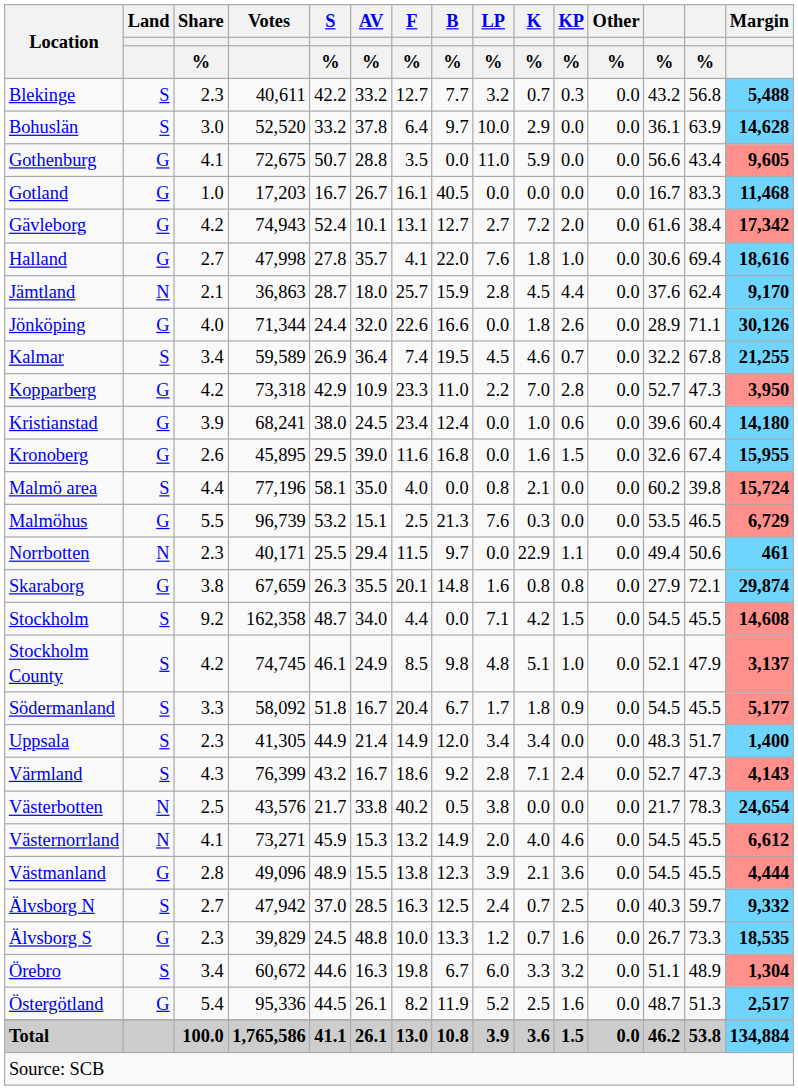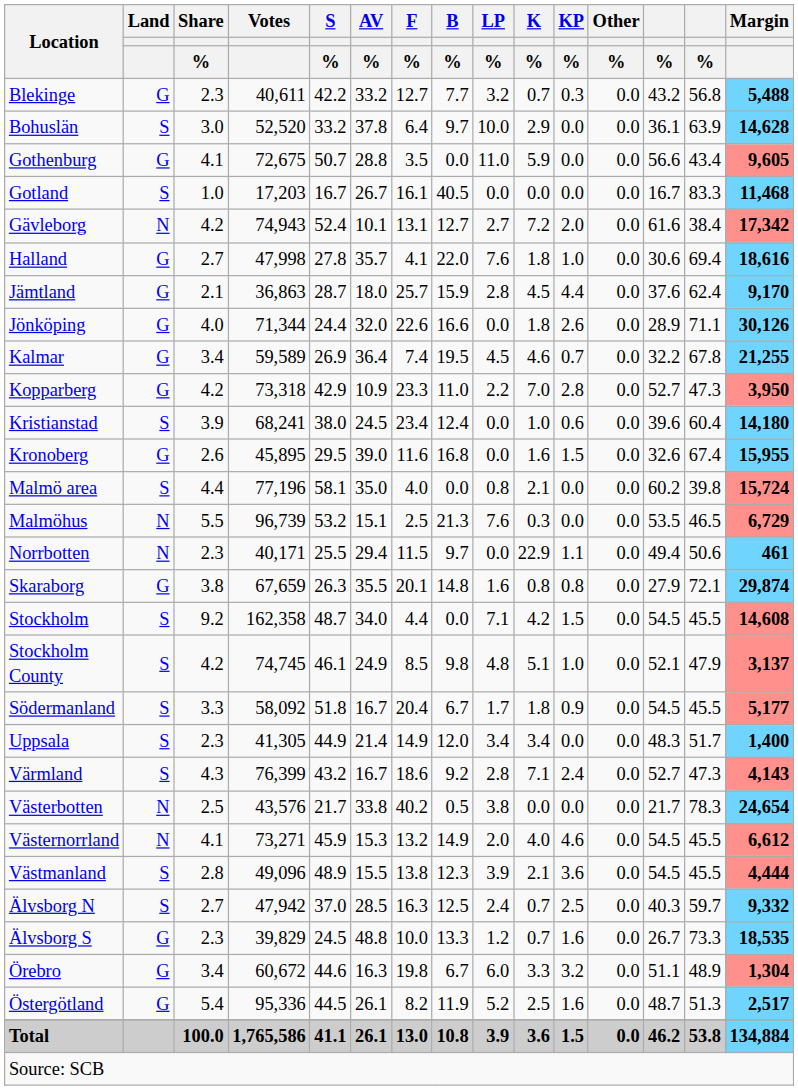 <table class="wikitable sortable" style="text-align:right; font-size:95%; line-height:20px;">
 <tr>
 <th rowspan="3">Location</th>
 <th>Land</th>
 <th>Share</th>
 <th>Votes</th>
 <th width="30px" class="unsortable"><a href='#'>S</a></th>
 <th width="30px" class="unsortable"><a href='#'>AV</a></th>
 <th width="30px" class="unsortable"><a href='#'>F</a></th>
 <th width="30px" class="unsortable"><a href='#'>B</a></th>
 <th width="30px" class="unsortable"><a href='#'>LP</a></th>
 <th width="30px" class="unsortable"><a href='#'>K</a></th>
 <th width="30px" class="unsortable"><a href='#'>KP</a></th>
 <th width="30px" class="unsortable">Other</th>
 <th></th>
 <th></th>
 <th>Margin</th>
 </tr>
 <tr>
 <th></th>
 <th></th>
 <th></th>
 <th style="background:"></th>
 <th style="background:"></th>
 <th style="background:"></th>
 <th style="background:"></th>
 <th style="background:"></th>
 <th style="background:"></th>
 <th style="background:"></th>
 <th style="background:"></th>
 <th style="background:"></th>
 <th style="background:"></th>
 <th></th>
 </tr>
 <tr>
 <th></th>
 <th data-sort-type="number">%</th>
 <th></th>
 <th data-sort-type="number">%</th>
 <th data-sort-type="number">%</th>
 <th data-sort-type="number">%</th>
 <th data-sort-type="number">%</th>
 <th data-sort-type="number">%</th>
 <th data-sort-type="number">%</th>
 <th data-sort-type="number">%</th>
 <th data-sort-type="number">%</th>
 <th data-sort-type="number">%</th>
 <th data-sort-type="number">%</th>
 <th></th>
 </tr>
 <tr>
 <td align=left><a href='#'>Blekinge</a></td>
-<td><a href='#'>S</a></td>
+<td><a href='#'>G</a></td>
 <td>2.3</td>
 <td>40,611</td>
 <td>42.2</td>
 <td>33.2</td>
 <td>12.7</td>
 <td>7.7</td>
 <td>3.2</td>
 <td>0.7</td>
 <td>0.3</td>
 <td>0.0</td>
 <td>43.2</td>
 <td>56.8</td>
 <td bgcolor=#6fd5fe><strong>5,488</strong></td>
 </tr>
 <tr>
 <td align=left><a href='#'>Bohuslän</a></td>
 <td><a href='#'>S</a></td>
 <td>3.0</td>
 <td>52,520</td>
 <td>33.2</td>
 <td>37.8</td>
 <td>6.4</td>
 <td>9.7</td>
 <td>10.0</td>
 <td>2.9</td>
 <td>0.0</td>
 <td>0.0</td>
 <td>36.1</td>
 <td>63.9</td>
 <td bgcolor=#6fd5fe><strong>14,628</strong></td>
 </tr>
 <tr>
 <td align=left><a href='#'>Gothenburg</a></td>
 <td><a href='#'>G</a></td>
 <td>4.1</td>
 <td>72,675</td>
 <td>50.7</td>
 <td>28.8</td>
 <td>3.5</td>
 <td>0.0</td>
 <td>11.0</td>
 <td>5.9</td>
 <td>0.0</td>
 <td>0.0</td>
 <td>56.6</td>
 <td>43.4</td>
 <td bgcolor=#ff908c><strong>9,605</strong></td>
 </tr>
 <tr>
 <td align=left><a href='#'>Gotland</a></td>
-<td><a href='#'>G</a></td>
+<td><a href='#'>S</a></td>
 <td>1.0</td>
 <td>17,203</td>
 <td>16.7</td>
 <td>26.7</td>
 <td>16.1</td>
 <td>40.5</td>
 <td>0.0</td>
 <td>0.0</td>
 <td>0.0</td>
 <td>0.0</td>
 <td>16.7</td>
 <td>83.3</td>
 <td bgcolor=#6fd5fe><strong>11,468</strong></td>
 </tr>
 <tr>
 <td align=left><a href='#'>Gävleborg</a></td>
-<td><a href='#'>G</a></td>
+<td><a href='#'>N</a></td>
 <td>4.2</td>
 <td>74,943</td>
 <td>52.4</td>
 <td>10.1</td>
 <td>13.1</td>
 <td>12.7</td>
 <td>2.7</td>
 <td>7.2</td>
 <td>2.0</td>
 <td>0.0</td>
 <td>61.6</td>
 <td>38.4</td>
 <td bgcolor=#ff908c><strong>17,342</strong></td>
 </tr>
 <tr>
 <td align=left><a href='#'>Halland</a></td>
 <td><a href='#'>G</a></td>
 <td>2.7</td>
 <td>47,998</td>
 <td>27.8</td>
 <td>35.7</td>
 <td>4.1</td>
 <td>22.0</td>
 <td>7.6</td>
 <td>1.8</td>
 <td>1.0</td>
 <td>0.0</td>
 <td>30.6</td>
 <td>69.4</td>
 <td bgcolor=#6fd5fe><strong>18,616</strong></td>
 </tr>
 <tr>
 <td align=left><a href='#'>Jämtland</a></td>
-<td><a href='#'>N</a></td>
+<td><a href='#'>G</a></td>
 <td>2.1</td>
 <td>36,863</td>
 <td>28.7</td>
 <td>18.0</td>
 <td>25.7</td>
 <td>15.9</td>
 <td>2.8</td>
 <td>4.5</td>
 <td>4.4</td>
 <td>0.0</td>
 <td>37.6</td>
 <td>62.4</td>
 <td bgcolor=#6fd5fe><strong>9,170</strong></td>
 </tr>
 <tr>
 <td align=left><a href='#'>Jönköping</a></td>
 <td><a href='#'>G</a></td>
 <td>4.0</td>
 <td>71,344</td>
 <td>24.4</td>
 <td>32.0</td>
 <td>22.6</td>
 <td>16.6</td>
 <td>0.0</td>
 <td>1.8</td>
 <td>2.6</td>
 <td>0.0</td>
 <td>28.9</td>
 <td>71.1</td>
 <td bgcolor=#6fd5fe><strong>30,126</strong></td>
 </tr>
 <tr>
 <td align=left><a href='#'>Kalmar</a></td>
-<td><a href='#'>S</a></td>
+<td><a href='#'>G</a></td>
 <td>3.4</td>
 <td>59,589</td>
 <td>26.9</td>
 <td>36.4</td>
 <td>7.4</td>
 <td>19.5</td>
 <td>4.5</td>
 <td>4.6</td>
 <td>0.7</td>
 <td>0.0</td>
 <td>32.2</td>
 <td>67.8</td>
 <td bgcolor=#6fd5fe><strong>21,255</strong></td>
 </tr>
 <tr>
 <td align=left><a href='#'>Kopparberg</a></td>
 <td><a href='#'>G</a></td>
 <td>4.2</td>
 <td>73,318</td>
 <td>42.9</td>
 <td>10.9</td>
 <td>23.3</td>
 <td>11.0</td>
 <td>2.2</td>
 <td>7.0</td>
 <td>2.8</td>
 <td>0.0</td>
 <td>52.7</td>
 <td>47.3</td>
 <td bgcolor=#ff908c><strong>3,950</strong></td>
 </tr>
 <tr>
 <td align=left><a href='#'>Kristianstad</a></td>
-<td><a href='#'>G</a></td>
+<td><a href='#'>S</a></td>
 <td>3.9</td>
 <td>68,241</td>
 <td>38.0</td>
 <td>24.5</td>
 <td>23.4</td>
 <td>12.4</td>
 <td>0.0</td>
 <td>1.0</td>
 <td>0.6</td>
 <td>0.0</td>
 <td>39.6</td>
 <td>60.4</td>
 <td bgcolor=#6fd5fe><strong>14,180</strong></td>
 </tr>
 <tr>
 <td align=left><a href='#'>Kronoberg</a></td>
 <td><a href='#'>G</a></td>
 <td>2.6</td>
 <td>45,895</td>
 <td>29.5</td>
 <td>39.0</td>
 <td>11.6</td>
 <td>16.8</td>
 <td>0.0</td>
 <td>1.6</td>
 <td>1.5</td>
 <td>0.0</td>
 <td>32.6</td>
 <td>67.4</td>
 <td bgcolor=#6fd5fe><strong>15,955</strong></td>
 </tr>
 <tr>
 <td align=left><a href='#'>Malmö area</a></td>
 <td><a href='#'>S</a></td>
 <td>4.4</td>
 <td>77,196</td>
 <td>58.1</td>
 <td>35.0</td>
 <td>4.0</td>
 <td>0.0</td>
 <td>0.8</td>
 <td>2.1</td>
 <td>0.0</td>
 <td>0.0</td>
 <td>60.2</td>
 <td>39.8</td>
 <td bgcolor=#ff908c><strong>15,724</strong></td>
 </tr>
 <tr>
 <td align=left><a href='#'>Malmöhus</a></td>
-<td><a href='#'>G</a></td>
+<td><a href='#'>N</a></td>
 <td>5.5</td>
 <td>96,739</td>
 <td>53.2</td>
 <td>15.1</td>
 <td>2.5</td>
 <td>21.3</td>
 <td>7.6</td>
 <td>0.3</td>
 <td>0.0</td>
 <td>0.0</td>
 <td>53.5</td>
 <td>46.5</td>
 <td bgcolor=#ff908c><strong>6,729</strong></td>
 </tr>
 <tr>
 <td align=left><a href='#'>Norrbotten</a></td>
 <td><a href='#'>N</a></td>
 <td>2.3</td>
 <td>40,171</td>
 <td>25.5</td>
 <td>29.4</td>
 <td>11.5</td>
 <td>9.7</td>
 <td>0.0</td>
 <td>22.9</td>
 <td>1.1</td>
 <td>0.0</td>
 <td>49.4</td>
 <td>50.6</td>
 <td bgcolor=#6fd5fe><strong>461</strong></td>
 </tr>
 <tr>
 <td align=left><a href='#'>Skaraborg</a></td>
 <td><a href='#'>G</a></td>
 <td>3.8</td>
 <td>67,659</td>
 <td>26.3</td>
 <td>35.5</td>
 <td>20.1</td>
 <td>14.8</td>
 <td>1.6</td>
 <td>0.8</td>
 <td>0.8</td>
 <td>0.0</td>
 <td>27.9</td>
 <td>72.1</td>
 <td bgcolor=#6fd5fe><strong>29,874</strong></td>
 </tr>
 <tr>
 <td align=left><a href='#'>Stockholm</a></td>
 <td><a href='#'>S</a></td>
 <td>9.2</td>
 <td>162,358</td>
 <td>48.7</td>
 <td>34.0</td>
 <td>4.4</td>
 <td>0.0</td>
 <td>7.1</td>
 <td>4.2</td>
 <td>1.5</td>
 <td>0.0</td>
 <td>54.5</td>
 <td>45.5</td>
 <td bgcolor=#ff908c><strong>14,608</strong></td>
 </tr>
 <tr>
 <td align=left><a href='#'>Stockholm County</a></td>
 <td><a href='#'>S</a></td>
 <td>4.2</td>
 <td>74,745</td>
 <td>46.1</td>
 <td>24.9</td>
 <td>8.5</td>
 <td>9.8</td>
 <td>4.8</td>
 <td>5.1</td>
 <td>1.0</td>
 <td>0.0</td>
 <td>52.1</td>
 <td>47.9</td>
 <td bgcolor=#ff908c><strong>3,137</strong></td>
 </tr>
 <tr>
 <td align=left><a href='#'>Södermanland</a></td>
 <td><a href='#'>S</a></td>
 <td>3.3</td>
 <td>58,092</td>
 <td>51.8</td>
 <td>16.7</td>
 <td>20.4</td>
 <td>6.7</td>
 <td>1.7</td>
 <td>1.8</td>
 <td>0.9</td>
 <td>0.0</td>
 <td>54.5</td>
 <td>45.5</td>
 <td bgcolor=#ff908c><strong>5,177</strong></td>
 </tr>
 <tr>
 <td align=left><a href='#'>Uppsala</a></td>
 <td><a href='#'>S</a></td>
 <td>2.3</td>
 <td>41,305</td>
 <td>44.9</td>
 <td>21.4</td>
 <td>14.9</td>
 <td>12.0</td>
 <td>3.4</td>
 <td>3.4</td>
 <td>0.0</td>
 <td>0.0</td>
 <td>48.3</td>
 <td>51.7</td>
 <td bgcolor=#6fd5fe><strong>1,400</strong></td>
 </tr>
 <tr>
 <td align=left><a href='#'>Värmland</a></td>
 <td><a href='#'>S</a></td>
 <td>4.3</td>
 <td>76,399</td>
 <td>43.2</td>
 <td>16.7</td>
 <td>18.6</td>
 <td>9.2</td>
 <td>2.8</td>
 <td>7.1</td>
 <td>2.4</td>
 <td>0.0</td>
 <td>52.7</td>
 <td>47.3</td>
 <td bgcolor=#ff908c><strong>4,143</strong></td>
 </tr>
 <tr>
 <td align=left><a href='#'>Västerbotten</a></td>
 <td><a href='#'>N</a></td>
 <td>2.5</td>
 <td>43,576</td>
 <td>21.7</td>
 <td>33.8</td>
 <td>40.2</td>
 <td>0.5</td>
 <td>3.8</td>
 <td>0.0</td>
 <td>0.0</td>
 <td>0.0</td>
 <td>21.7</td>
 <td>78.3</td>
 <td bgcolor=#6fd5fe><strong>24,654</strong></td>
 </tr>
 <tr>
 <td align=left><a href='#'>Västernorrland</a></td>
 <td><a href='#'>N</a></td>
 <td>4.1</td>
 <td>73,271</td>
 <td>45.9</td>
 <td>15.3</td>
 <td>13.2</td>
 <td>14.9</td>
 <td>2.0</td>
 <td>4.0</td>
 <td>4.6</td>
 <td>0.0</td>
 <td>54.5</td>
 <td>45.5</td>
 <td bgcolor=#ff908c><strong>6,612</strong></td>
 </tr>
 <tr>
 <td align=left><a href='#'>Västmanland</a></td>
-<td><a href='#'>G</a></td>
+<td><a href='#'>S</a></td>
 <td>2.8</td>
 <td>49,096</td>
 <td>48.9</td>
 <td>15.5</td>
 <td>13.8</td>
 <td>12.3</td>
 <td>3.9</td>
 <td>2.1</td>
 <td>3.6</td>
 <td>0.0</td>
 <td>54.5</td>
 <td>45.5</td>
 <td bgcolor=#ff908c><strong>4,444</strong></td>
 </tr>
 <tr>
 <td align=left><a href='#'>Älvsborg N</a></td>
 <td><a href='#'>S</a></td>
 <td>2.7</td>
 <td>47,942</td>
 <td>37.0</td>
 <td>28.5</td>
 <td>16.3</td>
 <td>12.5</td>
 <td>2.4</td>
 <td>0.7</td>
 <td>2.5</td>
 <td>0.0</td>
 <td>40.3</td>
 <td>59.7</td>
 <td bgcolor=#6fd5fe><strong>9,332</strong></td>
 </tr>
 <tr>
 <td align=left><a href='#'>Älvsborg S</a></td>
 <td><a href='#'>G</a></td>
 <td>2.3</td>
 <td>39,829</td>
 <td>24.5</td>
 <td>48.8</td>
 <td>10.0</td>
 <td>13.3</td>
 <td>1.2</td>
 <td>0.7</td>
 <td>1.6</td>
 <td>0.0</td>
 <td>26.7</td>
 <td>73.3</td>
 <td bgcolor=#6fd5fe><strong>18,535</strong></td>
 </tr>
 <tr>
 <td align=left><a href='#'>Örebro</a></td>
-<td><a href='#'>S</a></td>
+<td><a href='#'>G</a></td>
 <td>3.4</td>
 <td>60,672</td>
 <td>44.6</td>
 <td>16.3</td>
 <td>19.8</td>
 <td>6.7</td>
 <td>6.0</td>
 <td>3.3</td>
 <td>3.2</td>
 <td>0.0</td>
 <td>51.1</td>
 <td>48.9</td>
 <td bgcolor=#ff908c><strong>1,304</strong></td>
 </tr>
 <tr>
 <td align=left><a href='#'>Östergötland</a></td>
 <td><a href='#'>G</a></td>
 <td>5.4</td>
 <td>95,336</td>
 <td>44.5</td>
 <td>26.1</td>
 <td>8.2</td>
 <td>11.9</td>
 <td>5.2</td>
 <td>2.5</td>
 <td>1.6</td>
 <td>0.0</td>
 <td>48.7</td>
 <td>51.3</td>
 <td bgcolor=#6fd5fe><strong>2,517</strong></td>
 </tr>
 <tr>
 </tr>
 <tr style="background:#CDCDCD;">
 <td align=left><strong>Total</strong></td>
 <td></td>
 <td><strong>100.0</strong></td>
 <td><strong>1,765,586</strong></td>
 <td><strong>41.1</strong></td>
 <td><strong>26.1</strong></td>
 <td><strong>13.0</strong></td>
 <td><strong>10.8</strong></td>
 <td><strong>3.9</strong></td>
 <td><strong>3.6</strong></td>
 <td><strong>1.5</strong></td>
 <td><strong>0.0</strong></td>
 <td><strong>46.2</strong></td>
 <td><strong>53.8</strong></td>
 <td bgcolor=#6fd5fe><strong>134,884</strong></td>
 </tr>
 <tr>
 <td align=left colspan=15>Source: SCB </td>
 </tr>
 </table>
